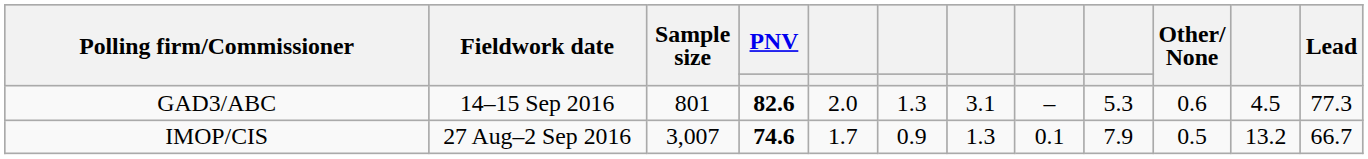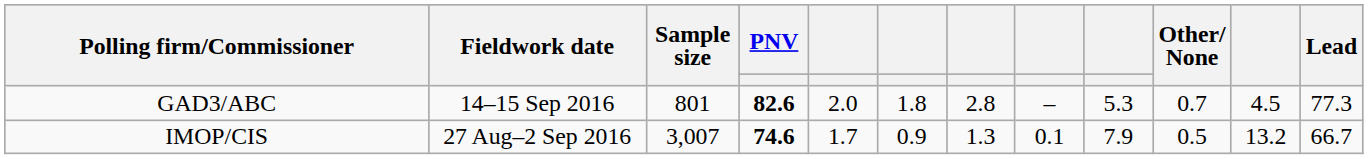 <table class="wikitable collapsible collapsed" style="text-align:center; font-size:90%; line-height:14px;">
 <tr style="height:42px;">
 <th style="width:250px;" rowspan="2">Polling firm/Commissioner</th>
 <th style="width:125px;" rowspan="2">Fieldwork date</th>
 <th style="width:50px;" rowspan="2">Sample size</th>
 <th style="width:35px;"><a href='#'>PNV</a></th>
 <th style="width:35px;"></th>
 <th style="width:35px;"></th>
 <th style="width:35px;"></th>
 <th style="width:35px;"></th>
 <th style="width:35px;"></th>
 <th style="width:35px;" rowspan="2">Other/<br>None</th>
 <th style="width:35px;" rowspan="2"></th>
 <th style="width:30px;" rowspan="2">Lead</th>
 </tr>
 <tr>
 <th style="color:inherit;background:"></th>
 <th style="color:inherit;background:"></th>
 <th style="color:inherit;background:"></th>
 <th style="color:inherit;background:"></th>
 <th style="color:inherit;background:"></th>
 <th style="color:inherit;background:"></th>
 </tr>
 <tr>
 <td>GAD3/ABC</td>
 <td>14–15 Sep 2016</td>
 <td>801</td>
 <td><strong>82.6</strong></td>
 <td>2.0</td>
-<td>1.3</td>
-<td>3.1</td>
+<td>1.8</td>
+<td>2.8</td>
 <td>–</td>
 <td>5.3</td>
-<td>0.6</td>
+<td>0.7</td>
 <td>4.5</td>
 <td style="background:">77.3</td>
 </tr>
 <tr>
 <td>IMOP/CIS</td>
 <td>27 Aug–2 Sep 2016</td>
 <td>3,007</td>
 <td><strong>74.6</strong></td>
 <td>1.7</td>
 <td>0.9</td>
 <td>1.3</td>
 <td>0.1</td>
 <td>7.9</td>
 <td>0.5</td>
 <td>13.2</td>
 <td style="background:">66.7</td>
 </tr>
 </table>
